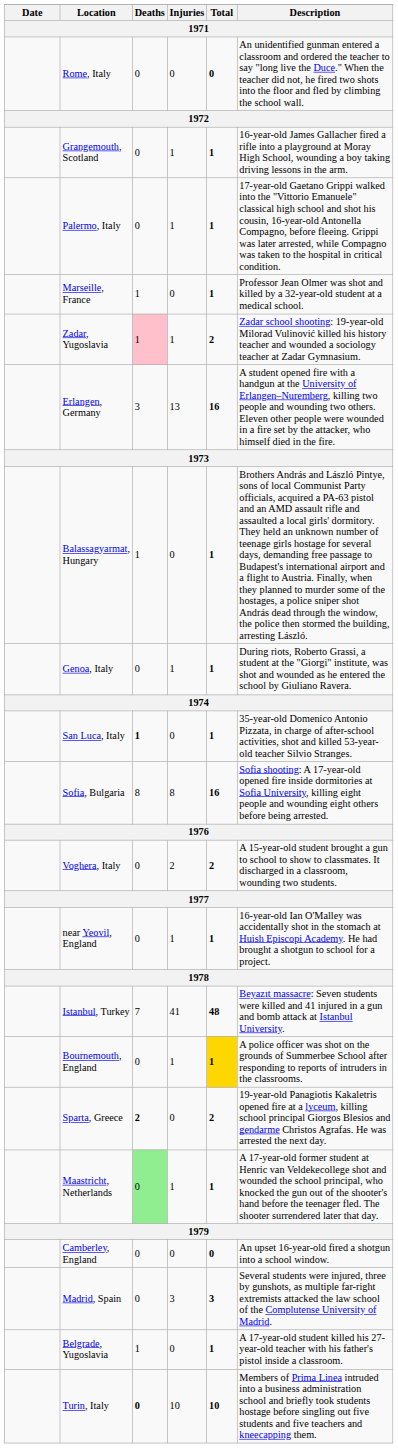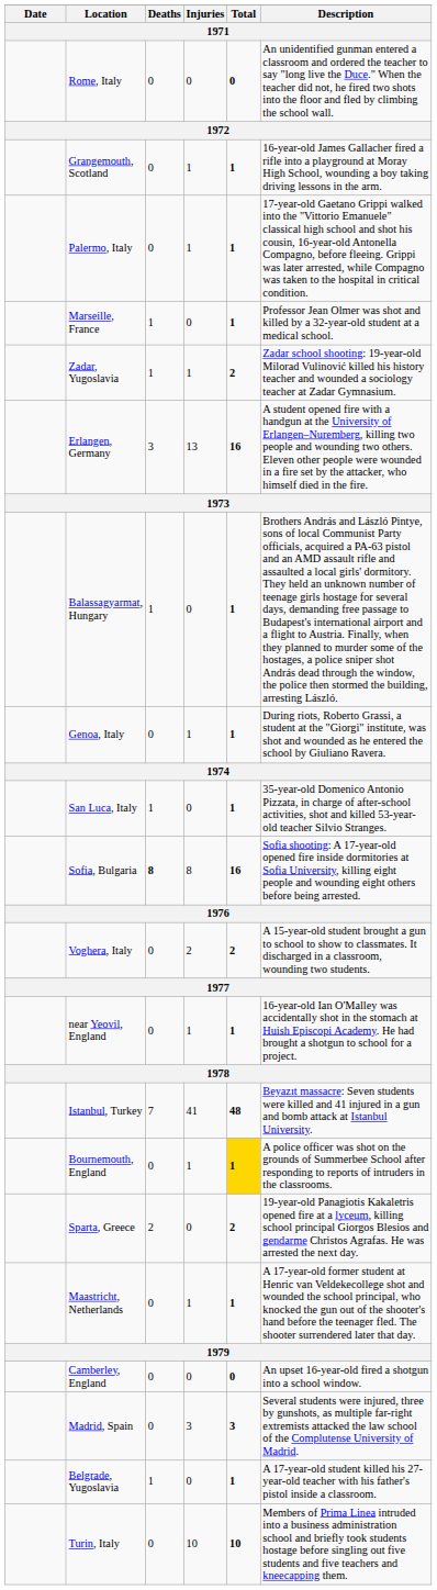 <table class="sortable wikitable" style="font-size:100%;" id="1970s">
 <tr>
 </tr>
 <tr>
 <th style="width:80px;">Date</th>
 <th style="width:90px;">Location</th>
 <th style="width:40px;">Deaths</th>
 <th style="width:40px;">Injuries</th>
 <th style="width:40px;">Total</th>
 <th class="unsortable">Description</th>
 </tr>
 <tr>
 <th colspan="7">1971 </th>
 </tr>
 <tr>
 <td></td>
 <td><a href='#'>Rome</a>, Italy</td>
 <td>0</td>
 <td>0</td>
 <td><strong>0</strong></td>
 <td>An unidentified gunman entered a classroom and ordered the teacher to say "long live the <a href='#'>Duce</a>." When the teacher did not, he fired two shots into the floor and fled by climbing the school wall.</td>
 </tr>
 <tr>
 <th colspan="7">1972 </th>
 </tr>
 <tr>
 <td></td>
 <td><a href='#'>Grangemouth</a>, Scotland</td>
 <td>0</td>
 <td>1</td>
 <td><strong>1</strong></td>
 <td>16-year-old James Gallacher fired a rifle into a playground at Moray High School, wounding a boy taking driving lessons in the arm.</td>
 </tr>
 <tr>
 <td></td>
 <td><a href='#'>Palermo</a>, Italy</td>
 <td>0</td>
 <td>1</td>
 <td><strong>1</strong></td>
 <td>17-year-old Gaetano Grippi walked into the "Vittorio Emanuele" classical high school and shot his cousin, 16-year-old Antonella Compagno, before fleeing. Grippi was later arrested, while Compagno was taken to the hospital in critical condition.</td>
 </tr>
 <tr>
 <td></td>
 <td><a href='#'>Marseille</a>, France</td>
 <td>1</td>
 <td>0</td>
 <td><strong>1</strong></td>
 <td>Professor Jean Olmer was shot and killed by a 32-year-old student at a medical school.</td>
 </tr>
 <tr>
 <td></td>
 <td><a href='#'>Zadar</a>, Yugoslavia</td>
-<td style="background: pink;">1</td>
+<td>1</td>
 <td>1</td>
 <td><strong>2</strong></td>
 <td><a href='#'>Zadar school shooting</a>: 19-year-old Milorad Vulinović killed his history teacher and wounded a sociology teacher at Zadar Gymnasium.</td>
 </tr>
 <tr>
 <td></td>
 <td><a href='#'>Erlangen</a>, Germany</td>
 <td>3</td>
 <td>13</td>
 <td><strong>16</strong></td>
 <td>A student opened fire with a handgun at the <a href='#'>University of Erlangen–Nuremberg</a>, killing two people and wounding two others. Eleven other people were wounded in a fire set by the attacker, who himself died in the fire.</td>
 </tr>
 <tr>
 <th colspan="7">1973 </th>
 </tr>
 <tr>
 <td></td>
 <td><a href='#'>Balassagyarmat</a>, Hungary</td>
 <td>1</td>
 <td>0</td>
 <td><strong>1</strong></td>
 <td>Brothers András and László Pintye, sons of local Communist Party officials, acquired a PA-63 pistol and an AMD assault rifle and assaulted a local girls' dormitory. They held an unknown number of teenage girls hostage for several days, demanding free passage to Budapest's international airport and a flight to Austria. Finally, when they planned to murder some of the hostages, a police sniper shot András dead through the window, the police then stormed the building, arresting László.</td>
 </tr>
 <tr>
 <td></td>
 <td><a href='#'>Genoa</a>, Italy</td>
 <td>0</td>
 <td>1</td>
 <td><strong>1</strong></td>
 <td>During riots, Roberto Grassi, a student at the "Giorgi" institute, was shot and wounded as he entered the school by Giuliano Ravera.</td>
 </tr>
 <tr>
 <th colspan="7">1974 </th>
 </tr>
 <tr>
 <td></td>
 <td><a href='#'>San Luca</a>, Italy</td>
-<td><strong>1</strong></td>
+<td>1</td>
 <td>0</td>
 <td><strong>1</strong></td>
 <td>35-year-old Domenico Antonio Pizzata, in charge of after-school activities, shot and killed 53-year-old teacher Silvio Stranges.</td>
 </tr>
 <tr>
 <td></td>
 <td><a href='#'>Sofia</a>, Bulgaria</td>
-<td>8</td>
+<td><strong>8</strong></td>
 <td>8</td>
 <td><strong>16</strong></td>
 <td><a href='#'>Sofia shooting</a>: A 17-year-old opened fire inside dormitories at <a href='#'>Sofia University</a>, killing eight people and wounding eight others before being arrested.</td>
 </tr>
 <tr>
 <th colspan="7">1976 </th>
 </tr>
 <tr>
 <td></td>
 <td><a href='#'>Voghera</a>, Italy</td>
 <td>0</td>
 <td>2</td>
 <td><strong>2</strong></td>
 <td>A 15-year-old student brought a gun to school to show to classmates. It discharged in a classroom, wounding two students.</td>
 </tr>
 <tr>
 <th colspan="7">1977 </th>
 </tr>
 <tr>
 <td></td>
 <td>near <a href='#'>Yeovil</a>, England</td>
 <td>0</td>
 <td>1</td>
 <td><strong>1</strong></td>
 <td>16-year-old Ian O'Malley was accidentally shot in the stomach at <a href='#'>Huish Episcopi Academy</a>. He had brought a shotgun to school for a project.</td>
 </tr>
 <tr>
 <th colspan="7">1978 </th>
 </tr>
 <tr>
 <td></td>
 <td><a href='#'>Istanbul</a>, Turkey</td>
 <td>7</td>
 <td>41</td>
 <td><strong>48</strong></td>
 <td><a href='#'>Beyazıt massacre</a>: Seven students were killed and 41 injured in a gun and bomb attack at <a href='#'>Istanbul University</a>.</td>
 </tr>
 <tr>
 <td></td>
 <td><a href='#'>Bournemouth</a>, England</td>
 <td>0</td>
 <td>1</td>
 <td style="background: gold;"><strong>1</strong></td>
 <td>A police officer was shot on the grounds of Summerbee School after responding to reports of intruders in the classrooms.</td>
 </tr>
 <tr>
 <td></td>
 <td><a href='#'>Sparta</a>, Greece</td>
-<td><strong>2</strong></td>
+<td>2</td>
 <td>0</td>
 <td><strong>2</strong></td>
 <td>19-year-old Panagiotis Kakaletris opened fire at a <a href='#'>lyceum</a>, killing school principal Giorgos Blesios and <a href='#'>gendarme</a> Christos Agrafas. He was arrested the next day.</td>
 </tr>
 <tr>
 <td></td>
 <td><a href='#'>Maastricht</a>, Netherlands</td>
-<td style="background: lightgreen;">0</td>
+<td>0</td>
 <td>1</td>
 <td><strong>1</strong></td>
 <td>A 17-year-old former student at Henric van Veldekecollege shot and wounded the school principal, who knocked the gun out of the shooter's hand before the teenager fled. The shooter surrendered later that day.</td>
 </tr>
 <tr>
 <th colspan="7">1979 </th>
 </tr>
 <tr>
 <td></td>
 <td><a href='#'>Camberley</a>, England</td>
 <td>0</td>
 <td>0</td>
 <td><strong>0</strong></td>
 <td>An upset 16-year-old fired a shotgun into a school window.</td>
 </tr>
 <tr>
 <td></td>
 <td><a href='#'>Madrid</a>, Spain</td>
 <td>0</td>
 <td>3</td>
 <td><strong>3</strong></td>
 <td>Several students were injured, three by gunshots, as multiple far-right extremists attacked the law school of the <a href='#'>Complutense University of Madrid</a>.</td>
 </tr>
 <tr>
 <td></td>
 <td><a href='#'>Belgrade</a>, Yugoslavia</td>
 <td>1</td>
 <td>0</td>
 <td><strong>1</strong></td>
 <td>A 17-year-old student killed his 27-year-old teacher with his father's pistol inside a classroom.</td>
 </tr>
 <tr>
 <td></td>
 <td><a href='#'>Turin</a>, Italy</td>
-<td><strong>0</strong></td>
+<td>0</td>
 <td>10</td>
 <td><strong>10</strong></td>
 <td>Members of <a href='#'>Prima Linea</a> intruded into a business administration school and briefly took students hostage before singling out five students and five teachers and <a href='#'>kneecapping</a> them.</td>
 </tr>
 </table>
